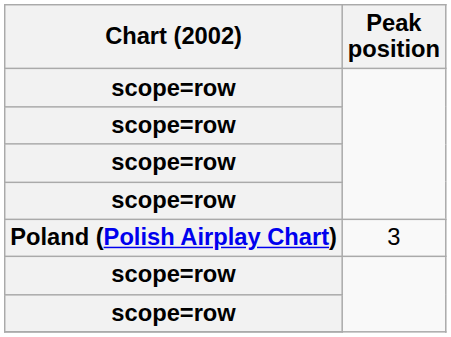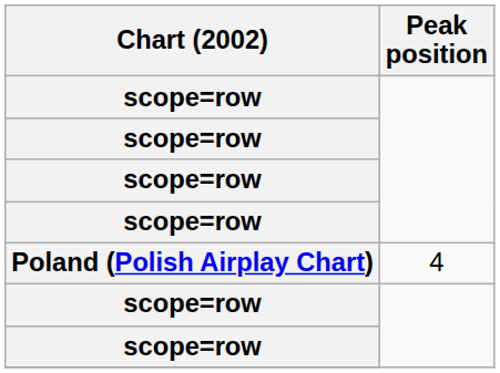 <table class="wikitable sortable plainrowheaders" style="text-align:center;">
 <tr>
 <th scope="col">Chart (2002)</th>
 <th scope="col">Peak<br>position</th>
 </tr>
 <tr>
 <th>scope=row</th>
 </tr>
 <tr>
 <th>scope=row</th>
 </tr>
 <tr>
 <th>scope=row</th>
 </tr>
 <tr>
 <th>scope=row</th>
 </tr>
 <tr>
 <th scope=row>Poland (<a href='#'>Polish Airplay Chart</a>)</th>
-<td align="center">3</td>
+<td align="center">4</td>
 </tr>
 <tr>
 <th>scope=row</th>
 </tr>
 <tr>
 <th>scope=row</th>
 </tr>
 <tr>
 </tr>
 </table>
